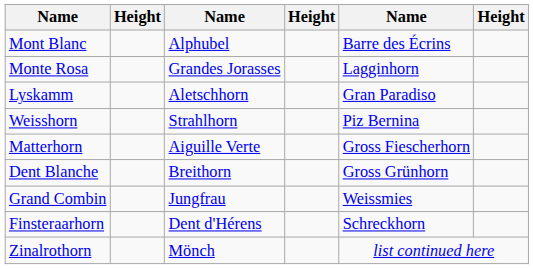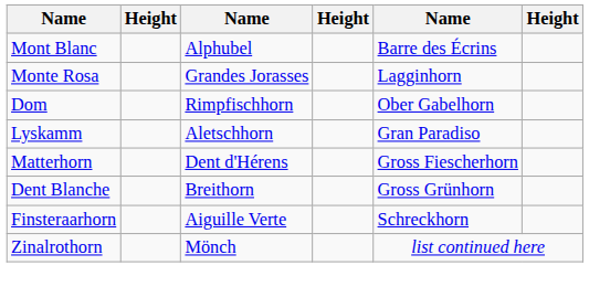 <table class="wikitable" style="margin: 1em auto 1em auto;">
 <tr>
 <th align=left>Name</th>
 <th align=left>Height</th>
 <th align=left>Name</th>
 <th align=left>Height</th>
 <th align=left>Name</th>
 <th align=left>Height</th>
 </tr>
 <tr>
 <td><a href='#'>Mont Blanc</a></td>
 <td></td>
 <td><a href='#'>Alphubel</a></td>
 <td></td>
 <td><a href='#'>Barre des Écrins</a></td>
 <td></td>
 </tr>
 <tr>
 <td><a href='#'>Monte Rosa</a></td>
 <td></td>
 <td><a href='#'>Grandes Jorasses</a></td>
 <td></td>
 <td><a href='#'>Lagginhorn</a></td>
 <td></td>
 </tr>
 <tr>
+<td><a href='#'>Dom</a></td>
+<td></td>
+<td><a href='#'>Rimpfischhorn</a></td>
+<td></td>
+<td><a href='#'>Ober Gabelhorn</a></td>
+<td></td>
+</tr>
+<tr>
 <td><a href='#'>Lyskamm</a></td>
 <td></td>
 <td><a href='#'>Aletschhorn</a></td>
 <td></td>
 <td><a href='#'>Gran Paradiso</a></td>
 <td></td>
 </tr>
 <tr>
-<td><a href='#'>Weisshorn</a></td>
-<td></td>
-<td><a href='#'>Strahlhorn</a></td>
-<td></td>
-<td><a href='#'>Piz Bernina</a></td>
-<td></td>
-</tr>
-<tr>
 <td><a href='#'>Matterhorn</a></td>
 <td></td>
-<td><a href='#'>Aiguille Verte</a></td>
+<td><a href='#'>Dent d'Hérens</a></td>
 <td></td>
 <td><a href='#'>Gross Fiescherhorn</a></td>
 <td></td>
 </tr>
 <tr>
 <td><a href='#'>Dent Blanche</a></td>
 <td></td>
 <td><a href='#'>Breithorn</a></td>
 <td></td>
 <td><a href='#'>Gross Grünhorn</a></td>
 <td></td>
 </tr>
 <tr>
-<td><a href='#'>Grand Combin</a></td>
-<td></td>
-<td><a href='#'>Jungfrau</a></td>
-<td></td>
-<td><a href='#'>Weissmies</a></td>
-<td></td>
-</tr>
-<tr>
 <td><a href='#'>Finsteraarhorn</a></td>
 <td></td>
-<td><a href='#'>Dent d'Hérens</a></td>
+<td><a href='#'>Aiguille Verte</a></td>
 <td></td>
 <td><a href='#'>Schreckhorn</a></td>
 <td></td>
 </tr>
 <tr>
 <td><a href='#'>Zinalrothorn</a></td>
 <td></td>
 <td><a href='#'>Mönch</a></td>
 <td></td>
 <td colspan="2" ; style="text-align: center;"><a href='#'><em>list continued here</em></a></td>
 </tr>
 </table>
